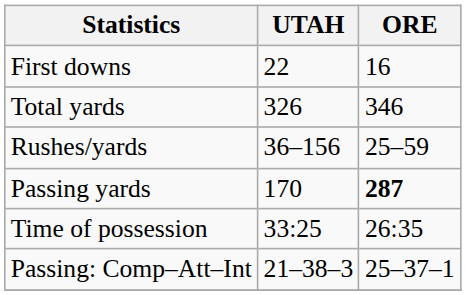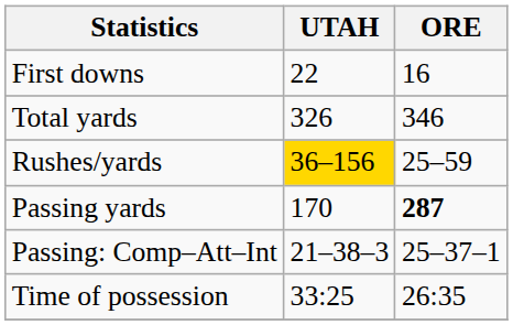 <table class="wikitable" style="float: left;">
 <tr>
 <th>Statistics</th>
 <th>UTAH</th>
 <th>ORE</th>
 </tr>
 <tr>
 <td>First downs</td>
 <td>22</td>
 <td>16</td>
 </tr>
 <tr>
 <td>Total yards</td>
 <td>326</td>
 <td>346</td>
 </tr>
 <tr>
 <td>Rushes/yards</td>
-<td>36–156</td>
+<td style="background: gold;">36–156</td>
 <td>25–59</td>
 </tr>
 <tr>
 <td>Passing yards</td>
 <td>170</td>
 <td><strong>287</strong></td>
 </tr>
 <tr>
+<td>Passing: Comp–Att–Int</td>
+<td>21–38–3</td>
+<td>25–37–1</td>
+</tr>
+<tr>
 <td>Time of possession</td>
 <td>33:25</td>
 <td>26:35</td>
 </tr>
 <tr>
-<td>Passing: Comp–Att–Int</td>
-<td>21–38–3</td>
-<td>25–37–1</td>
-</tr>
-<tr>
 </tr>
 </table>
